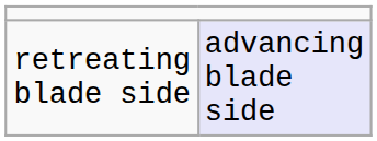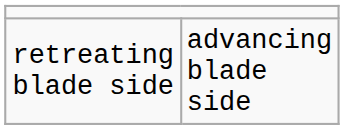 <table class="wikitable" align="right" width="150px">
 <tr>
 <td colspan="2"></td>
 </tr>
 <tr>
 <td><span>retreating blade side</span></td>
-<td style="background: lavender;"><span>advancing blade side</span></td>
+<td><span>advancing blade side</span></td>
 </tr>
 </table>
